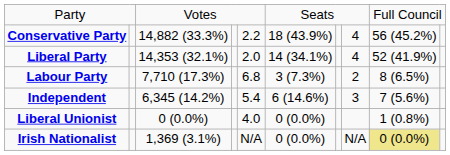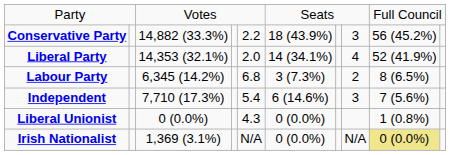 <table class=wikitable style="text-align:center;">
 <tr>
 <td colspan=2>Party</td>
 <td colspan=3>Votes</td>
 <td colspan=3>Seats</td>
 <td colspan=3>Full Council</td>
 </tr>
 <tr>
 <td><strong><a href='#'>Conservative Party</a></strong></td>
 <td style="background:"></td>
 <td>14,882 (33.3%)</td>
 <td></td>
 <td> 2.2</td>
 <td>18 (43.9%)</td>
 <td></td>
-<td> 4</td>
+<td> 3</td>
 <td>56 (45.2%)</td>
 <td></td>
 </tr>
 <tr>
 <td><strong><a href='#'>Liberal Party</a></strong></td>
 <td style="background:"></td>
 <td>14,353 (32.1%)</td>
 <td></td>
 <td> 2.0</td>
 <td>14 (34.1%)</td>
 <td></td>
 <td> 4</td>
 <td>52 (41.9%)</td>
 <td></td>
 </tr>
 <tr>
 <td><strong><a href='#'>Labour Party</a></strong></td>
 <td style="background:"></td>
-<td>7,710 (17.3%)</td>
+<td>6,345 (14.2%)</td>
 <td></td>
 <td> 6.8</td>
 <td>3 (7.3%)</td>
 <td></td>
 <td> 2</td>
 <td>8 (6.5%)</td>
 <td></td>
 </tr>
 <tr>
 <td><strong><a href='#'>Independent</a></strong></td>
 <td style="background:"></td>
-<td>6,345 (14.2%)</td>
+<td>7,710 (17.3%)</td>
 <td></td>
 <td> 5.4</td>
 <td>6 (14.6%)</td>
 <td></td>
 <td> 3</td>
 <td>7 (5.6%)</td>
 <td></td>
 </tr>
 <tr>
 <td><strong><a href='#'>Liberal Unionist</a></strong></td>
 <td style="background:"></td>
 <td>0 (0.0%)</td>
 <td></td>
-<td> 4.0</td>
+<td> 4.3</td>
 <td>0 (0.0%)</td>
 <td></td>
 <td></td>
 <td>1 (0.8%)</td>
 <td></td>
 </tr>
 <tr>
 <td><strong><a href='#'>Irish Nationalist</a></strong></td>
 <td style="background:"></td>
 <td>1,369 (3.1%)</td>
 <td></td>
 <td>N/A</td>
 <td>0 (0.0%)</td>
 <td></td>
 <td>N/A</td>
 <td style="background: khaki;">0 (0.0%)</td>
 <td></td>
 </tr>
 </table>
